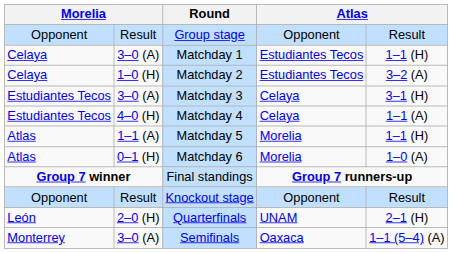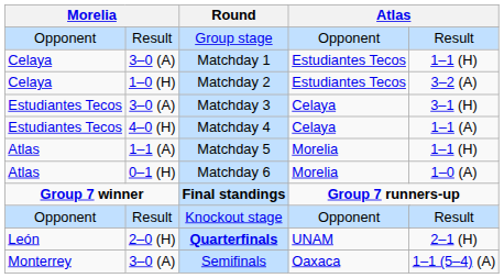 <table class="wikitable" style="text-align:center">
 <tr>
 <th colspan=4><a href='#'>Morelia</a></th>
 <th>Round</th>
 <th colspan=4><a href='#'>Atlas</a></th>
 </tr>
 <tr bgcolor=#c1e0ff>
 <td>Opponent</td>
 <td colspan=3>Result</td>
 <td><a href='#'>Group stage</a></td>
 <td>Opponent</td>
 <td colspan=3>Result</td>
 </tr>
 <tr>
 <td align=left><a href='#'>Celaya</a></td>
 <td colspan=3><a href='#'>3–0</a> (A)</td>
 <td bgcolor=#c1e0ff>Matchday 1</td>
 <td align=left><a href='#'>Estudiantes Tecos</a></td>
 <td colspan=3><a href='#'>1–1</a> (H)</td>
 </tr>
 <tr>
 <td align=left><a href='#'>Celaya</a></td>
 <td colspan=3><a href='#'>1–0</a> (H)</td>
 <td bgcolor=#c1e0ff>Matchday 2</td>
 <td align=left><a href='#'>Estudiantes Tecos</a></td>
 <td colspan=3><a href='#'>3–2</a> (A)</td>
 </tr>
 <tr>
 <td align=left><a href='#'>Estudiantes Tecos</a></td>
 <td colspan=3><a href='#'>3–0</a> (A)</td>
 <td bgcolor=#c1e0ff>Matchday 3</td>
 <td align=left><a href='#'>Celaya</a></td>
 <td colspan=3><a href='#'>3–1</a> (H)</td>
 </tr>
 <tr>
 <td align=left><a href='#'>Estudiantes Tecos</a></td>
 <td colspan=3><a href='#'>4–0</a> (H)</td>
 <td bgcolor=#c1e0ff>Matchday 4</td>
 <td align=left><a href='#'>Celaya</a></td>
 <td colspan=3><a href='#'>1–1</a> (A)</td>
 </tr>
 <tr>
 <td align=left><a href='#'>Atlas</a></td>
 <td colspan=3><a href='#'>1–1</a> (A)</td>
 <td bgcolor=#c1e0ff>Matchday 5</td>
 <td align=left><a href='#'>Morelia</a></td>
 <td colspan=3><a href='#'>1–1</a> (H)</td>
 </tr>
 <tr>
 <td align=left><a href='#'>Atlas</a></td>
 <td colspan=3><a href='#'>0–1</a> (H)</td>
 <td bgcolor=#c1e0ff>Matchday 6</td>
 <td align=left><a href='#'>Morelia</a></td>
 <td colspan=3><a href='#'>1–0</a> (A)</td>
 </tr>
 <tr>
 <td colspan=4 valign=top><strong><a href='#'>Group 7</a> winner</strong><br></td>
-<td bgcolor=#c1e0ff>Final standings</td>
+<td bgcolor=#c1e0ff><strong>Final standings</strong></td>
 <td colspan=4 valign=top><strong><a href='#'>Group 7</a> runners-up</strong><br></td>
 </tr>
 <tr bgcolor="#c1e0ff">
 <td>Opponent</td>
 <td colspan=3>Result</td>
 <td><a href='#'>Knockout stage</a></td>
 <td colspan=3>Opponent</td>
 <td>Result</td>
 </tr>
 <tr>
 <td align=left><a href='#'>León</a></td>
 <td colspan=3><a href='#'>2–0</a> (H)</td>
-<td bgcolor=#c1e0ff><a href='#'>Quarterfinals</a></td>
+<td bgcolor=#c1e0ff><strong><a href='#'>Quarterfinals</a></strong></td>
 <td align=left><a href='#'>UNAM</a></td>
 <td colspan=3><a href='#'>2–1</a> (H)</td>
 </tr>
 <tr>
 <td align=left><a href='#'>Monterrey</a></td>
 <td colspan=3><a href='#'>3–0</a> (A)</td>
 <td bgcolor=#c1e0ff><a href='#'>Semifinals</a></td>
 <td align=left><a href='#'>Oaxaca</a></td>
 <td colspan=3><a href='#'>1–1 (5–4)</a> (A)</td>
 </tr>
 </table>
